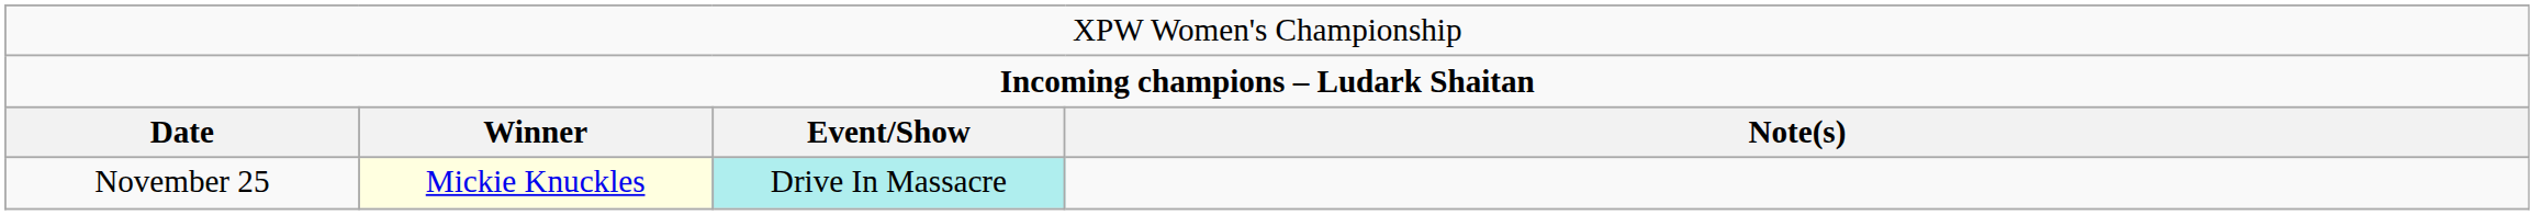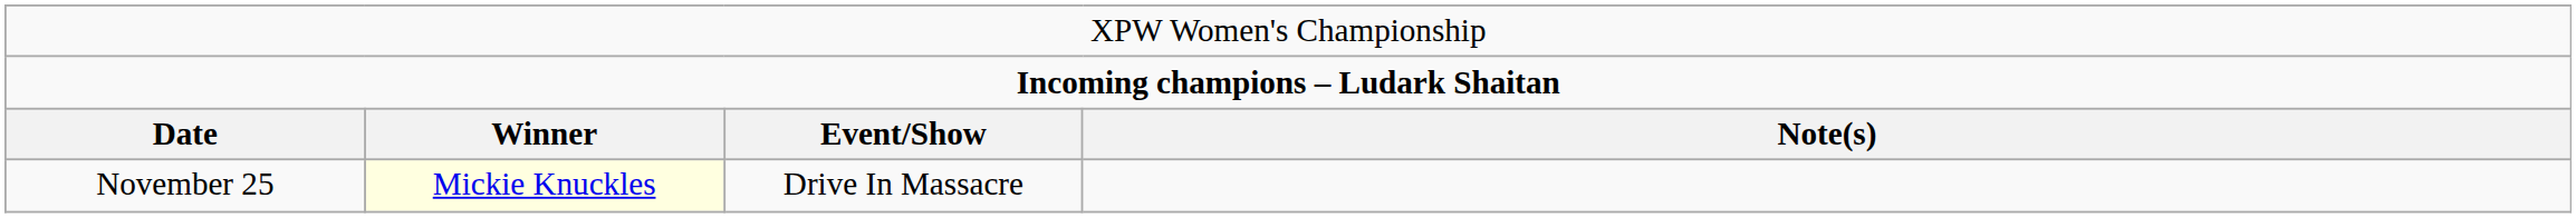 <table class="wikitable" style="text-align:center; width:100%;">
 <tr>
 <td colspan="5" style="text-align: center;">XPW Women's Championship</td>
 </tr>
 <tr>
 <td colspan="5" style="text-align: center;"><strong>Incoming champions – Ludark Shaitan</strong></td>
 </tr>
 <tr>
 <th width=14%>Date</th>
 <th width=14%>Winner</th>
 <th width=14%>Event/Show</th>
 <th width=58%>Note(s)</th>
 </tr>
 <tr>
 <td>November 25</td>
 <td style="background: lightyellow;"><a href='#'>Mickie Knuckles</a></td>
-<td style="background: paleturquoise;">Drive In Massacre</td>
+<td>Drive In Massacre</td>
 <td></td>
 </tr>
 </table>
